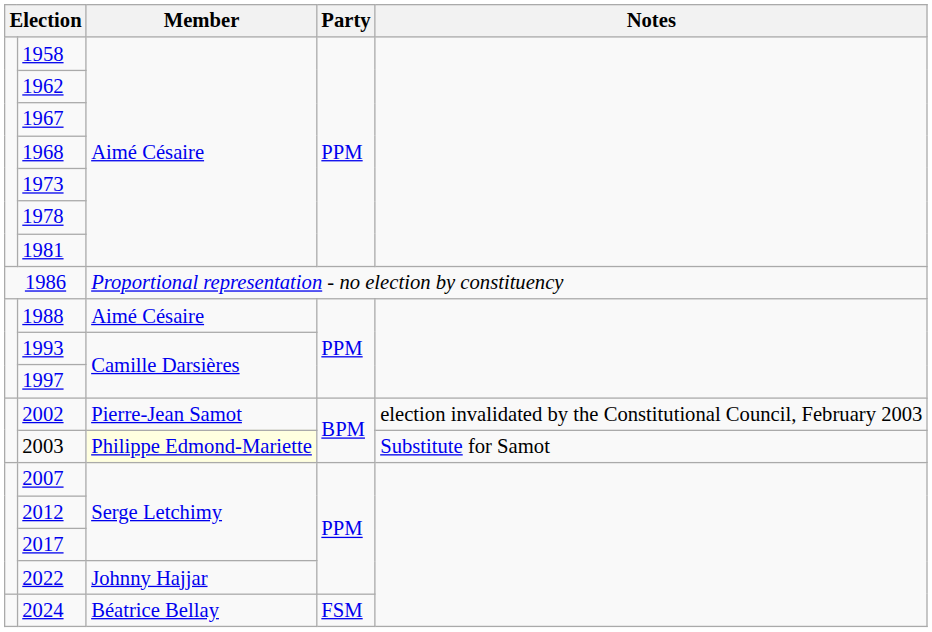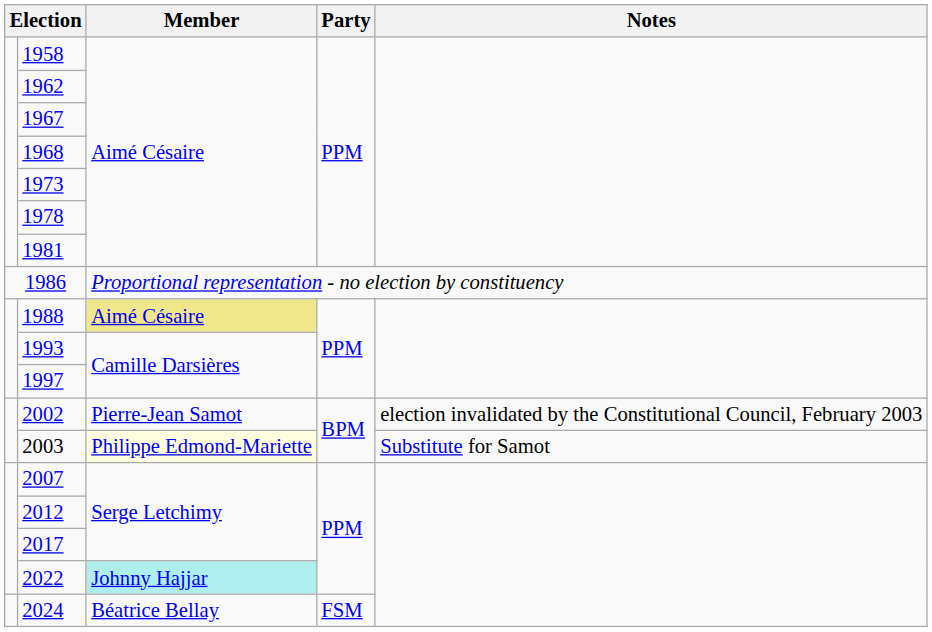 <table class="wikitable">
 <tr>
 <th colspan="2">Election</th>
 <th>Member</th>
 <th>Party</th>
 <th>Notes</th>
 </tr>
 <tr>
 <td rowspan="7" style="background-color: "></td>
 <td><a href='#'>1958</a></td>
 <td rowspan="7"><a href='#'>Aimé Césaire</a></td>
 <td rowspan="7"><a href='#'>PPM</a></td>
 </tr>
 <tr>
 <td><a href='#'>1962</a></td>
 </tr>
 <tr>
 <td><a href='#'>1967</a></td>
 </tr>
 <tr>
 <td><a href='#'>1968</a></td>
 </tr>
 <tr>
 <td><a href='#'>1973</a></td>
 </tr>
 <tr>
 <td><a href='#'>1978</a></td>
 </tr>
 <tr>
 <td><a href='#'>1981</a></td>
 </tr>
 <tr>
 <td colspan="2" align="center"><a href='#'>1986</a></td>
 <td colspan="3"><em><a href='#'>Proportional representation</a> - no election by constituency</em></td>
 </tr>
 <tr>
 <td rowspan=3 style="background-color: "></td>
 <td><a href='#'>1988</a></td>
-<td><a href='#'>Aimé Césaire</a></td>
+<td style="background: khaki;"><a href='#'>Aimé Césaire</a></td>
 <td rowspan=3><a href='#'>PPM</a></td>
 </tr>
 <tr>
 <td><a href='#'>1993</a></td>
 <td rowspan=2><a href='#'>Camille Darsières</a></td>
 </tr>
 <tr>
 <td><a href='#'>1997</a></td>
 </tr>
 <tr>
 <td rowspan=2 style="background-color: "></td>
 <td><a href='#'>2002</a></td>
 <td><a href='#'>Pierre-Jean Samot</a></td>
 <td rowspan=2><a href='#'>BPM</a></td>
 <td>election invalidated by the Constitutional Council, February 2003</td>
 </tr>
 <tr>
 <td>2003</td>
 <td style="background: lightyellow;"><a href='#'>Philippe Edmond-Mariette</a></td>
 <td><a href='#'>Substitute</a> for Samot</td>
 </tr>
 <tr>
 <td rowspan="4" style="background-color: "></td>
 <td><a href='#'>2007</a></td>
 <td rowspan=3><a href='#'>Serge Letchimy</a></td>
 <td rowspan="4"><a href='#'>PPM</a></td>
 </tr>
 <tr>
 <td><a href='#'>2012</a></td>
 </tr>
 <tr>
 <td><a href='#'>2017</a></td>
 </tr>
 <tr>
 <td><a href='#'>2022</a></td>
-<td><a href='#'>Johnny Hajjar</a></td>
+<td style="background: paleturquoise;"><a href='#'>Johnny Hajjar</a></td>
 </tr>
 <tr>
 <td style="color:inherit;background-color: "></td>
 <td><a href='#'>2024</a></td>
 <td><a href='#'>Béatrice Bellay</a></td>
 <td><a href='#'>FSM</a></td>
 </tr>
 </table>
